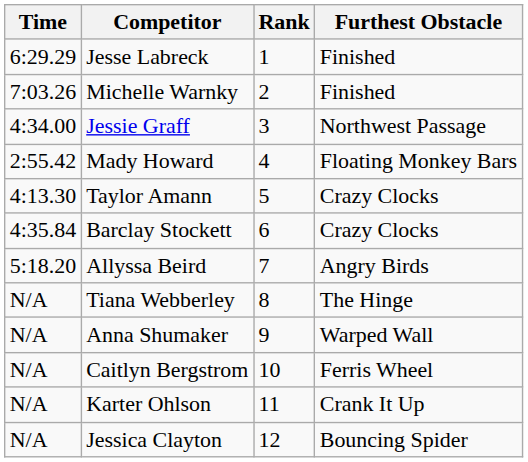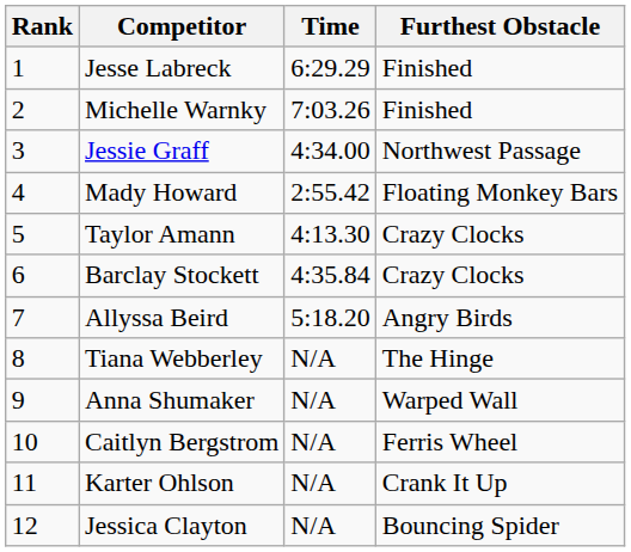 <table class="wikitable sortable">
 <tr>
+<th>Rank</th>
+<th>Competitor</th>
 <th>Time</th>
-<th>Competitor</th>
-<th>Rank</th>
 <th>Furthest Obstacle</th>
 </tr>
 <tr>
+<td>1</td>
+<td>Jesse Labreck</td>
 <td>6:29.29</td>
-<td>Jesse Labreck</td>
-<td>1</td>
 <td>Finished</td>
 </tr>
 <tr>
+<td>2</td>
+<td>Michelle Warnky</td>
 <td>7:03.26</td>
-<td>Michelle Warnky</td>
-<td>2</td>
 <td>Finished</td>
 </tr>
 <tr>
+<td>3</td>
+<td><a href='#'>Jessie Graff</a></td>
 <td>4:34.00</td>
-<td><a href='#'>Jessie Graff</a></td>
-<td>3</td>
 <td>Northwest Passage</td>
 </tr>
 <tr>
+<td>4</td>
+<td>Mady Howard</td>
 <td>2:55.42</td>
-<td>Mady Howard</td>
-<td>4</td>
 <td>Floating Monkey Bars</td>
 </tr>
 <tr>
+<td>5</td>
+<td>Taylor Amann</td>
 <td>4:13.30</td>
-<td>Taylor Amann</td>
-<td>5</td>
 <td>Crazy Clocks</td>
 </tr>
 <tr>
+<td>6</td>
+<td>Barclay Stockett</td>
 <td>4:35.84</td>
-<td>Barclay Stockett</td>
-<td>6</td>
 <td>Crazy Clocks</td>
 </tr>
 <tr>
+<td>7</td>
+<td>Allyssa Beird</td>
 <td>5:18.20</td>
-<td>Allyssa Beird</td>
-<td>7</td>
 <td>Angry Birds</td>
 </tr>
 <tr>
+<td>8</td>
+<td>Tiana Webberley</td>
 <td>N/A</td>
-<td>Tiana Webberley</td>
-<td>8</td>
 <td>The Hinge</td>
 </tr>
 <tr>
+<td>9</td>
+<td>Anna Shumaker</td>
 <td>N/A</td>
-<td>Anna Shumaker</td>
-<td>9</td>
 <td>Warped Wall</td>
 </tr>
 <tr>
+<td>10</td>
+<td>Caitlyn Bergstrom</td>
 <td>N/A</td>
-<td>Caitlyn Bergstrom</td>
-<td>10</td>
 <td>Ferris Wheel</td>
 </tr>
 <tr>
+<td>11</td>
+<td>Karter Ohlson</td>
 <td>N/A</td>
-<td>Karter Ohlson</td>
-<td>11</td>
 <td>Crank It Up</td>
 </tr>
 <tr>
+<td>12</td>
+<td>Jessica Clayton</td>
 <td>N/A</td>
-<td>Jessica Clayton</td>
-<td>12</td>
 <td>Bouncing Spider</td>
 </tr>
 </table>
